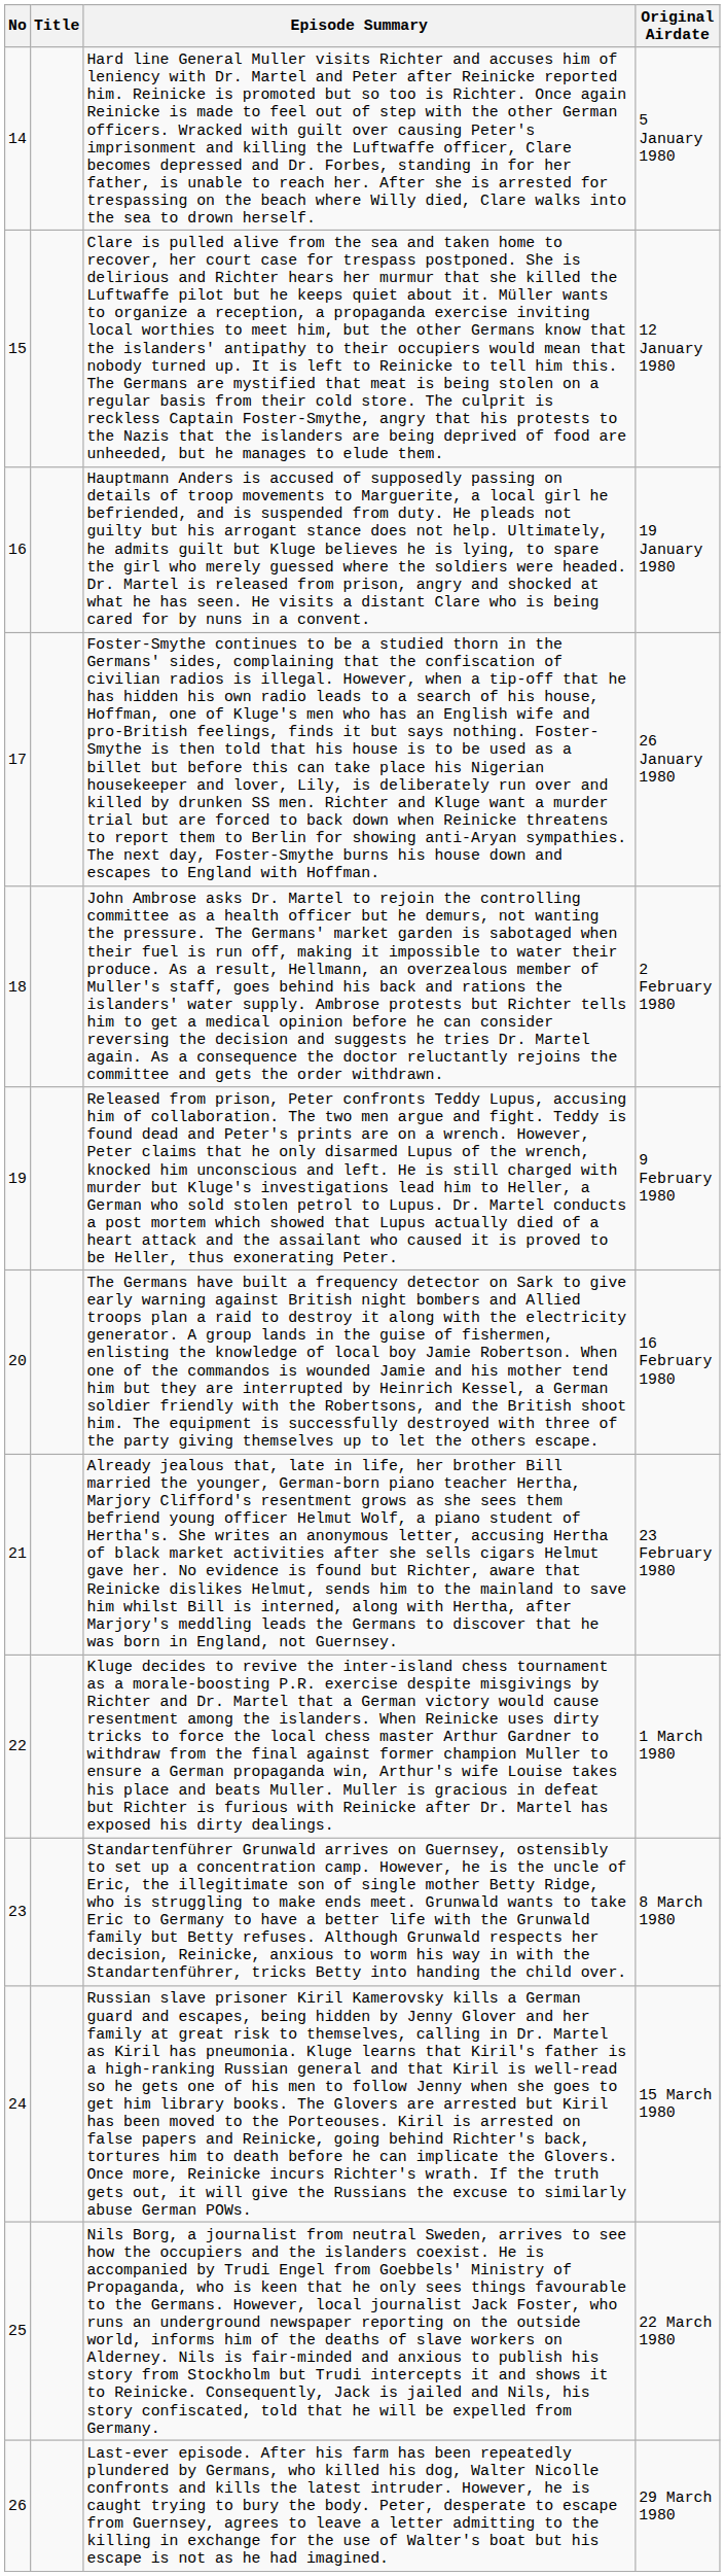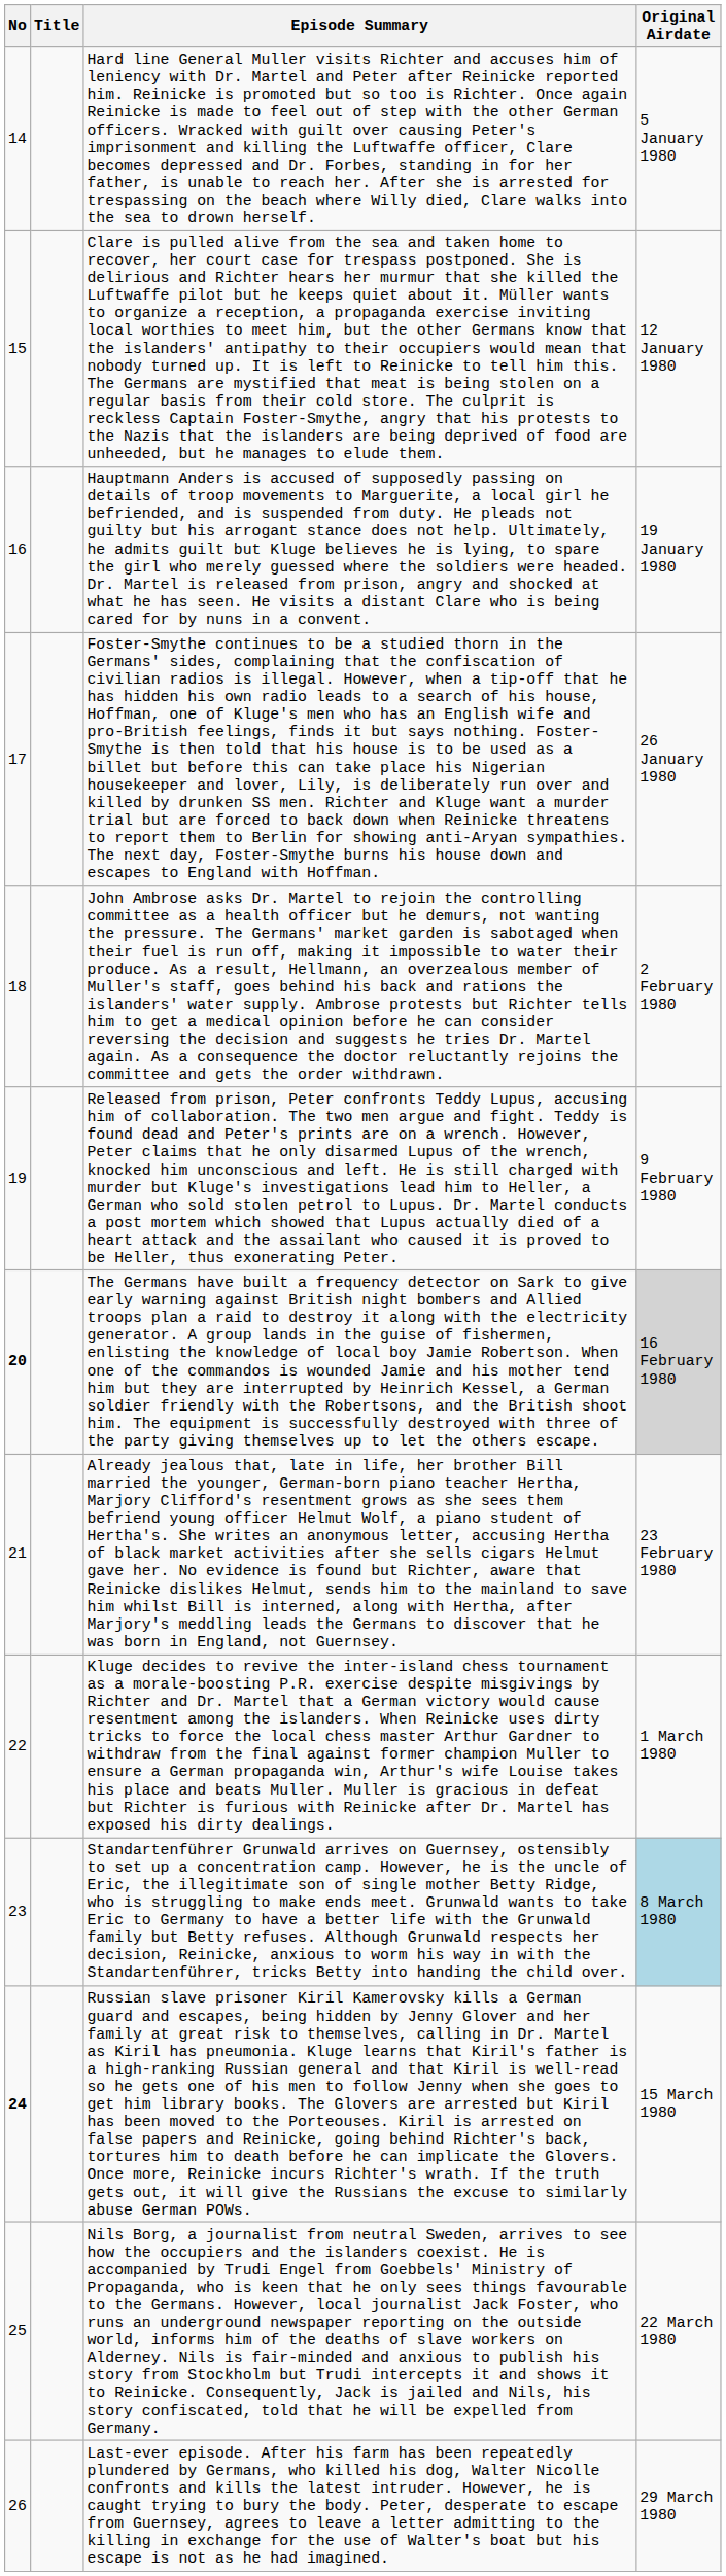 <table class="wikitable">
 <tr>
 <th>No</th>
 <th>Title</th>
 <th>Episode Summary</th>
 <th>Original Airdate</th>
 </tr>
 <tr>
 <td>14</td>
 <td></td>
 <td>Hard line General Muller visits Richter and accuses him of leniency with Dr. Martel and Peter after Reinicke reported him. Reinicke is promoted but so too is Richter. Once again Reinicke is made to feel out of step with the other German officers. Wracked with guilt over causing Peter's imprisonment and killing the Luftwaffe officer, Clare becomes depressed and Dr. Forbes, standing in for her father, is unable to reach her. After she is arrested for trespassing on the beach where Willy died, Clare walks into the sea to drown herself.</td>
 <td>5 January 1980</td>
 </tr>
 <tr>
 <td>15</td>
 <td></td>
 <td>Clare is pulled alive from the sea and taken home to recover, her court case for trespass postponed. She is delirious and Richter hears her murmur that she killed the Luftwaffe pilot but he keeps quiet about it. Müller wants to organize a reception, a propaganda exercise inviting local worthies to meet him, but the other Germans know that the islanders' antipathy to their occupiers would mean that nobody turned up. It is left to Reinicke to tell him this. The Germans are mystified that meat is being stolen on a regular basis from their cold store. The culprit is reckless Captain Foster-Smythe, angry that his protests to the Nazis that the islanders are being deprived of food are unheeded, but he manages to elude them.</td>
 <td>12 January 1980</td>
 </tr>
 <tr>
 <td>16</td>
 <td></td>
 <td>Hauptmann Anders is accused of supposedly passing on details of troop movements to Marguerite, a local girl he befriended, and is suspended from duty. He pleads not guilty but his arrogant stance does not help. Ultimately, he admits guilt but Kluge believes he is lying, to spare the girl who merely guessed where the soldiers were headed. Dr. Martel is released from prison, angry and shocked at what he has seen. He visits a distant Clare who is being cared for by nuns in a convent.</td>
 <td>19 January 1980</td>
 </tr>
 <tr>
 <td>17</td>
 <td></td>
 <td>Foster-Smythe continues to be a studied thorn in the Germans' sides, complaining that the confiscation of civilian radios is illegal. However, when a tip-off that he has hidden his own radio leads to a search of his house, Hoffman, one of Kluge's men who has an English wife and pro-British feelings, finds it but says nothing. Foster-Smythe is then told that his house is to be used as a billet but before this can take place his Nigerian housekeeper and lover, Lily, is deliberately run over and killed by drunken SS men. Richter and Kluge want a murder trial but are forced to back down when Reinicke threatens to report them to Berlin for showing anti-Aryan sympathies. The next day, Foster-Smythe burns his house down and escapes to England with Hoffman.</td>
 <td>26 January 1980</td>
 </tr>
 <tr>
 <td>18</td>
 <td></td>
 <td>John Ambrose asks Dr. Martel to rejoin the controlling committee as a health officer but he demurs, not wanting the pressure. The Germans' market garden is sabotaged when their fuel is run off, making it impossible to water their produce. As a result, Hellmann, an overzealous member of Muller's staff, goes behind his back and rations the islanders' water supply. Ambrose protests but Richter tells him to get a medical opinion before he can consider reversing the decision and suggests he tries Dr. Martel again. As a consequence the doctor reluctantly rejoins the committee and gets the order withdrawn.</td>
 <td>2 February 1980</td>
 </tr>
 <tr>
 <td>19</td>
 <td></td>
 <td>Released from prison, Peter confronts Teddy Lupus, accusing him of collaboration. The two men argue and fight. Teddy is found dead and Peter's prints are on a wrench. However, Peter claims that he only disarmed Lupus of the wrench, knocked him unconscious and left. He is still charged with murder but Kluge's investigations lead him to Heller, a German who sold stolen petrol to Lupus. Dr. Martel conducts a post mortem which showed that Lupus actually died of a heart attack and the assailant who caused it is proved to be Heller, thus exonerating Peter.</td>
 <td>9 February 1980</td>
 </tr>
 <tr>
-<td>20</td>
+<td><strong>20</strong></td>
 <td></td>
 <td>The Germans have built a frequency detector on Sark to give early warning against British night bombers and Allied troops plan a raid to destroy it along with the electricity generator. A group lands in the guise of fishermen, enlisting the knowledge of local boy Jamie Robertson. When one of the commandos is wounded Jamie and his mother tend him but they are interrupted by Heinrich Kessel, a German soldier friendly with the Robertsons, and the British shoot him. The equipment is successfully destroyed with three of the party giving themselves up to let the others escape.</td>
-<td>16 February 1980</td>
+<td style="background: lightgrey;">16 February 1980</td>
 </tr>
 <tr>
 <td>21</td>
 <td></td>
 <td>Already jealous that, late in life, her brother Bill married the younger, German-born piano teacher Hertha, Marjory Clifford's resentment grows as she sees them befriend young officer Helmut Wolf, a piano student of Hertha's. She writes an anonymous letter, accusing Hertha of black market activities after she sells cigars Helmut gave her. No evidence is found but Richter, aware that Reinicke dislikes Helmut, sends him to the mainland to save him whilst Bill is interned, along with Hertha, after Marjory's meddling leads the Germans to discover that he was born in England, not Guernsey.</td>
 <td>23 February 1980</td>
 </tr>
 <tr>
 <td>22</td>
 <td></td>
 <td>Kluge decides to revive the inter-island chess tournament as a morale-boosting P.R. exercise despite misgivings by Richter and Dr. Martel that a German victory would cause resentment among the islanders. When Reinicke uses dirty tricks to force the local chess master Arthur Gardner to withdraw from the final against former champion Muller to ensure a German propaganda win, Arthur's wife Louise takes his place and beats Muller. Muller is gracious in defeat but Richter is furious with Reinicke after Dr. Martel has exposed his dirty dealings.</td>
 <td>1 March 1980</td>
 </tr>
 <tr>
 <td>23</td>
 <td></td>
 <td>Standartenführer Grunwald arrives on Guernsey, ostensibly to set up a concentration camp. However, he is the uncle of Eric, the illegitimate son of single mother Betty Ridge, who is struggling to make ends meet. Grunwald wants to take Eric to Germany to have a better life with the Grunwald family but Betty refuses. Although Grunwald respects her decision, Reinicke, anxious to worm his way in with the Standartenführer, tricks Betty into handing the child over.</td>
-<td>8 March 1980</td>
+<td style="background: lightblue;">8 March 1980</td>
 </tr>
 <tr>
-<td>24</td>
+<td><strong>24</strong></td>
 <td></td>
 <td>Russian slave prisoner Kiril Kamerovsky kills a German guard and escapes, being hidden by Jenny Glover and her family at great risk to themselves, calling in Dr. Martel as Kiril has pneumonia. Kluge learns that Kiril's father is a high-ranking Russian general and that Kiril is well-read so he gets one of his men to follow Jenny when she goes to get him library books. The Glovers are arrested but Kiril has been moved to the Porteouses. Kiril is arrested on false papers and Reinicke, going behind Richter's back, tortures him to death before he can implicate the Glovers. Once more, Reinicke incurs Richter's wrath. If the truth gets out, it will give the Russians the excuse to similarly abuse German POWs.</td>
 <td>15 March 1980</td>
 </tr>
 <tr>
 <td>25</td>
 <td></td>
 <td>Nils Borg, a journalist from neutral Sweden, arrives to see how the occupiers and the islanders coexist. He is accompanied by Trudi Engel from Goebbels' Ministry of Propaganda, who is keen that he only sees things favourable to the Germans. However, local journalist Jack Foster, who runs an underground newspaper reporting on the outside world, informs him of the deaths of slave workers on Alderney. Nils is fair-minded and anxious to publish his story from Stockholm but Trudi intercepts it and shows it to Reinicke. Consequently, Jack is jailed and Nils, his story confiscated, told that he will be expelled from Germany.</td>
 <td>22 March 1980</td>
 </tr>
 <tr>
 <td>26</td>
 <td></td>
 <td>Last-ever episode. After his farm has been repeatedly plundered by Germans, who killed his dog, Walter Nicolle confronts and kills the latest intruder. However, he is caught trying to bury the body. Peter, desperate to escape from Guernsey, agrees to leave a letter admitting to the killing in exchange for the use of Walter's boat but his escape is not as he had imagined.</td>
 <td>29 March 1980</td>
 </tr>
 <tr>
 </tr>
 </table>
